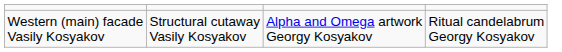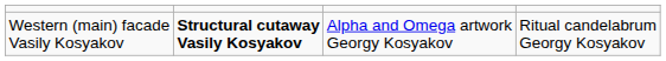 <table class="wikitable" border="1">
 <tr>
 <td></td>
 <td></td>
 <td></td>
 <td></td>
 </tr>
 <tr>
 <td>Western (main) facade<br>Vasily Kosyakov</td>
-<td>Structural cutaway<br>Vasily Kosyakov</td>
+<td><strong>Structural cutaway<br>Vasily Kosyakov</strong></td>
 <td><a href='#'>Alpha and Omega</a> artwork<br>Georgy Kosyakov</td>
 <td>Ritual candelabrum<br>Georgy Kosyakov</td>
 </tr>
 </table>
